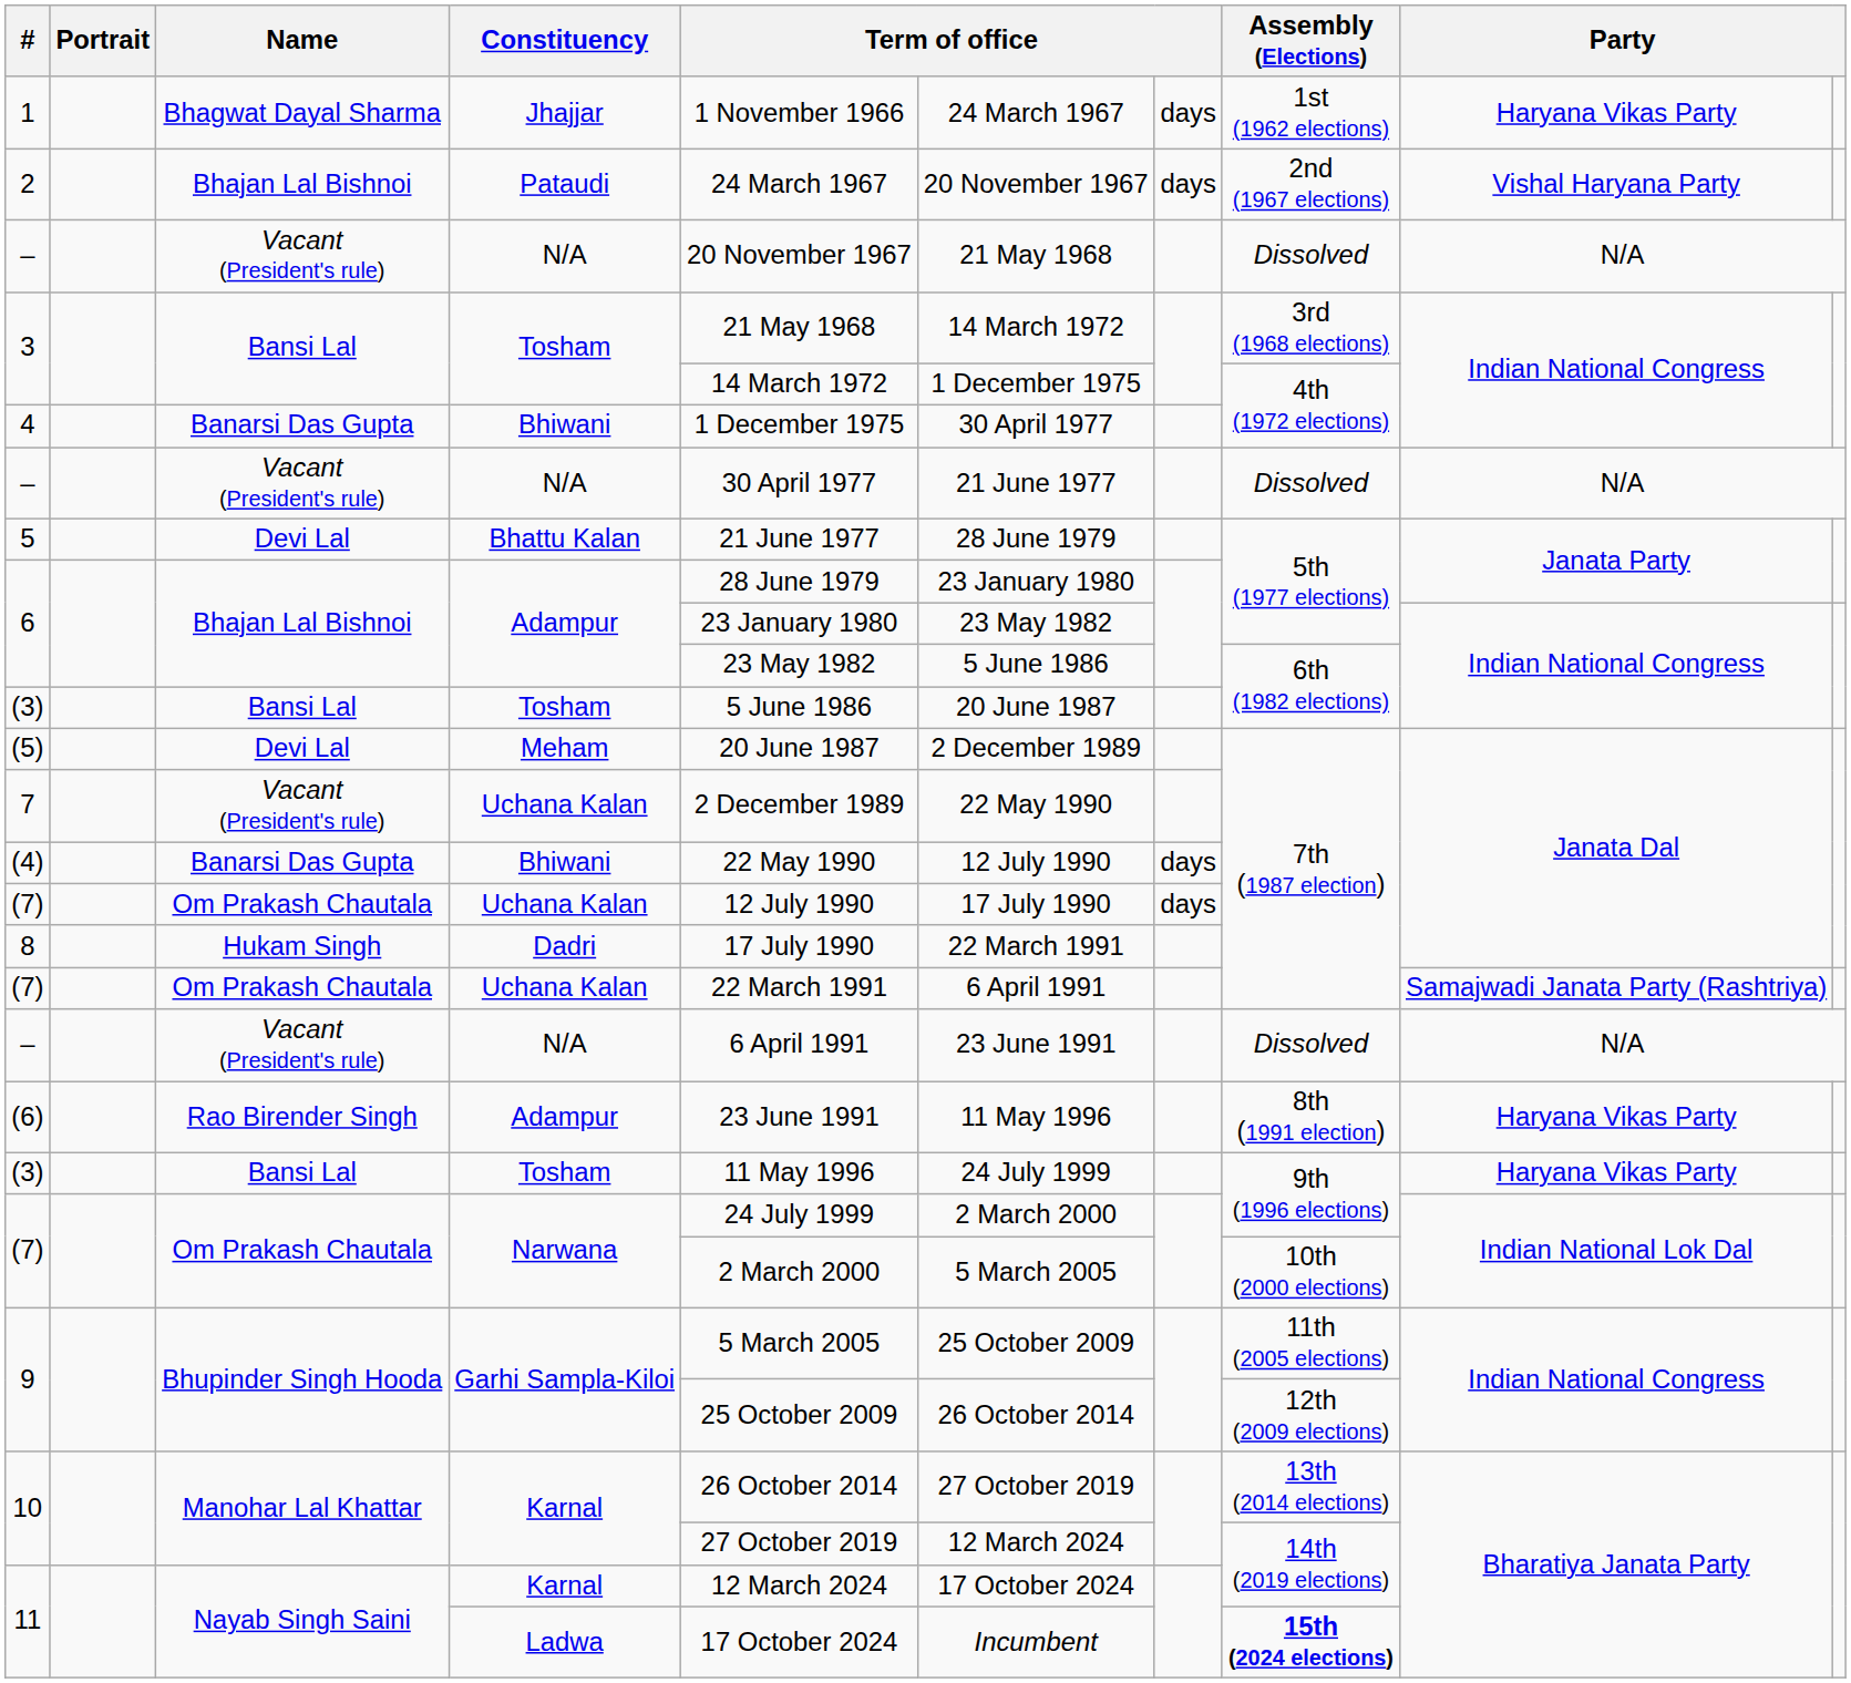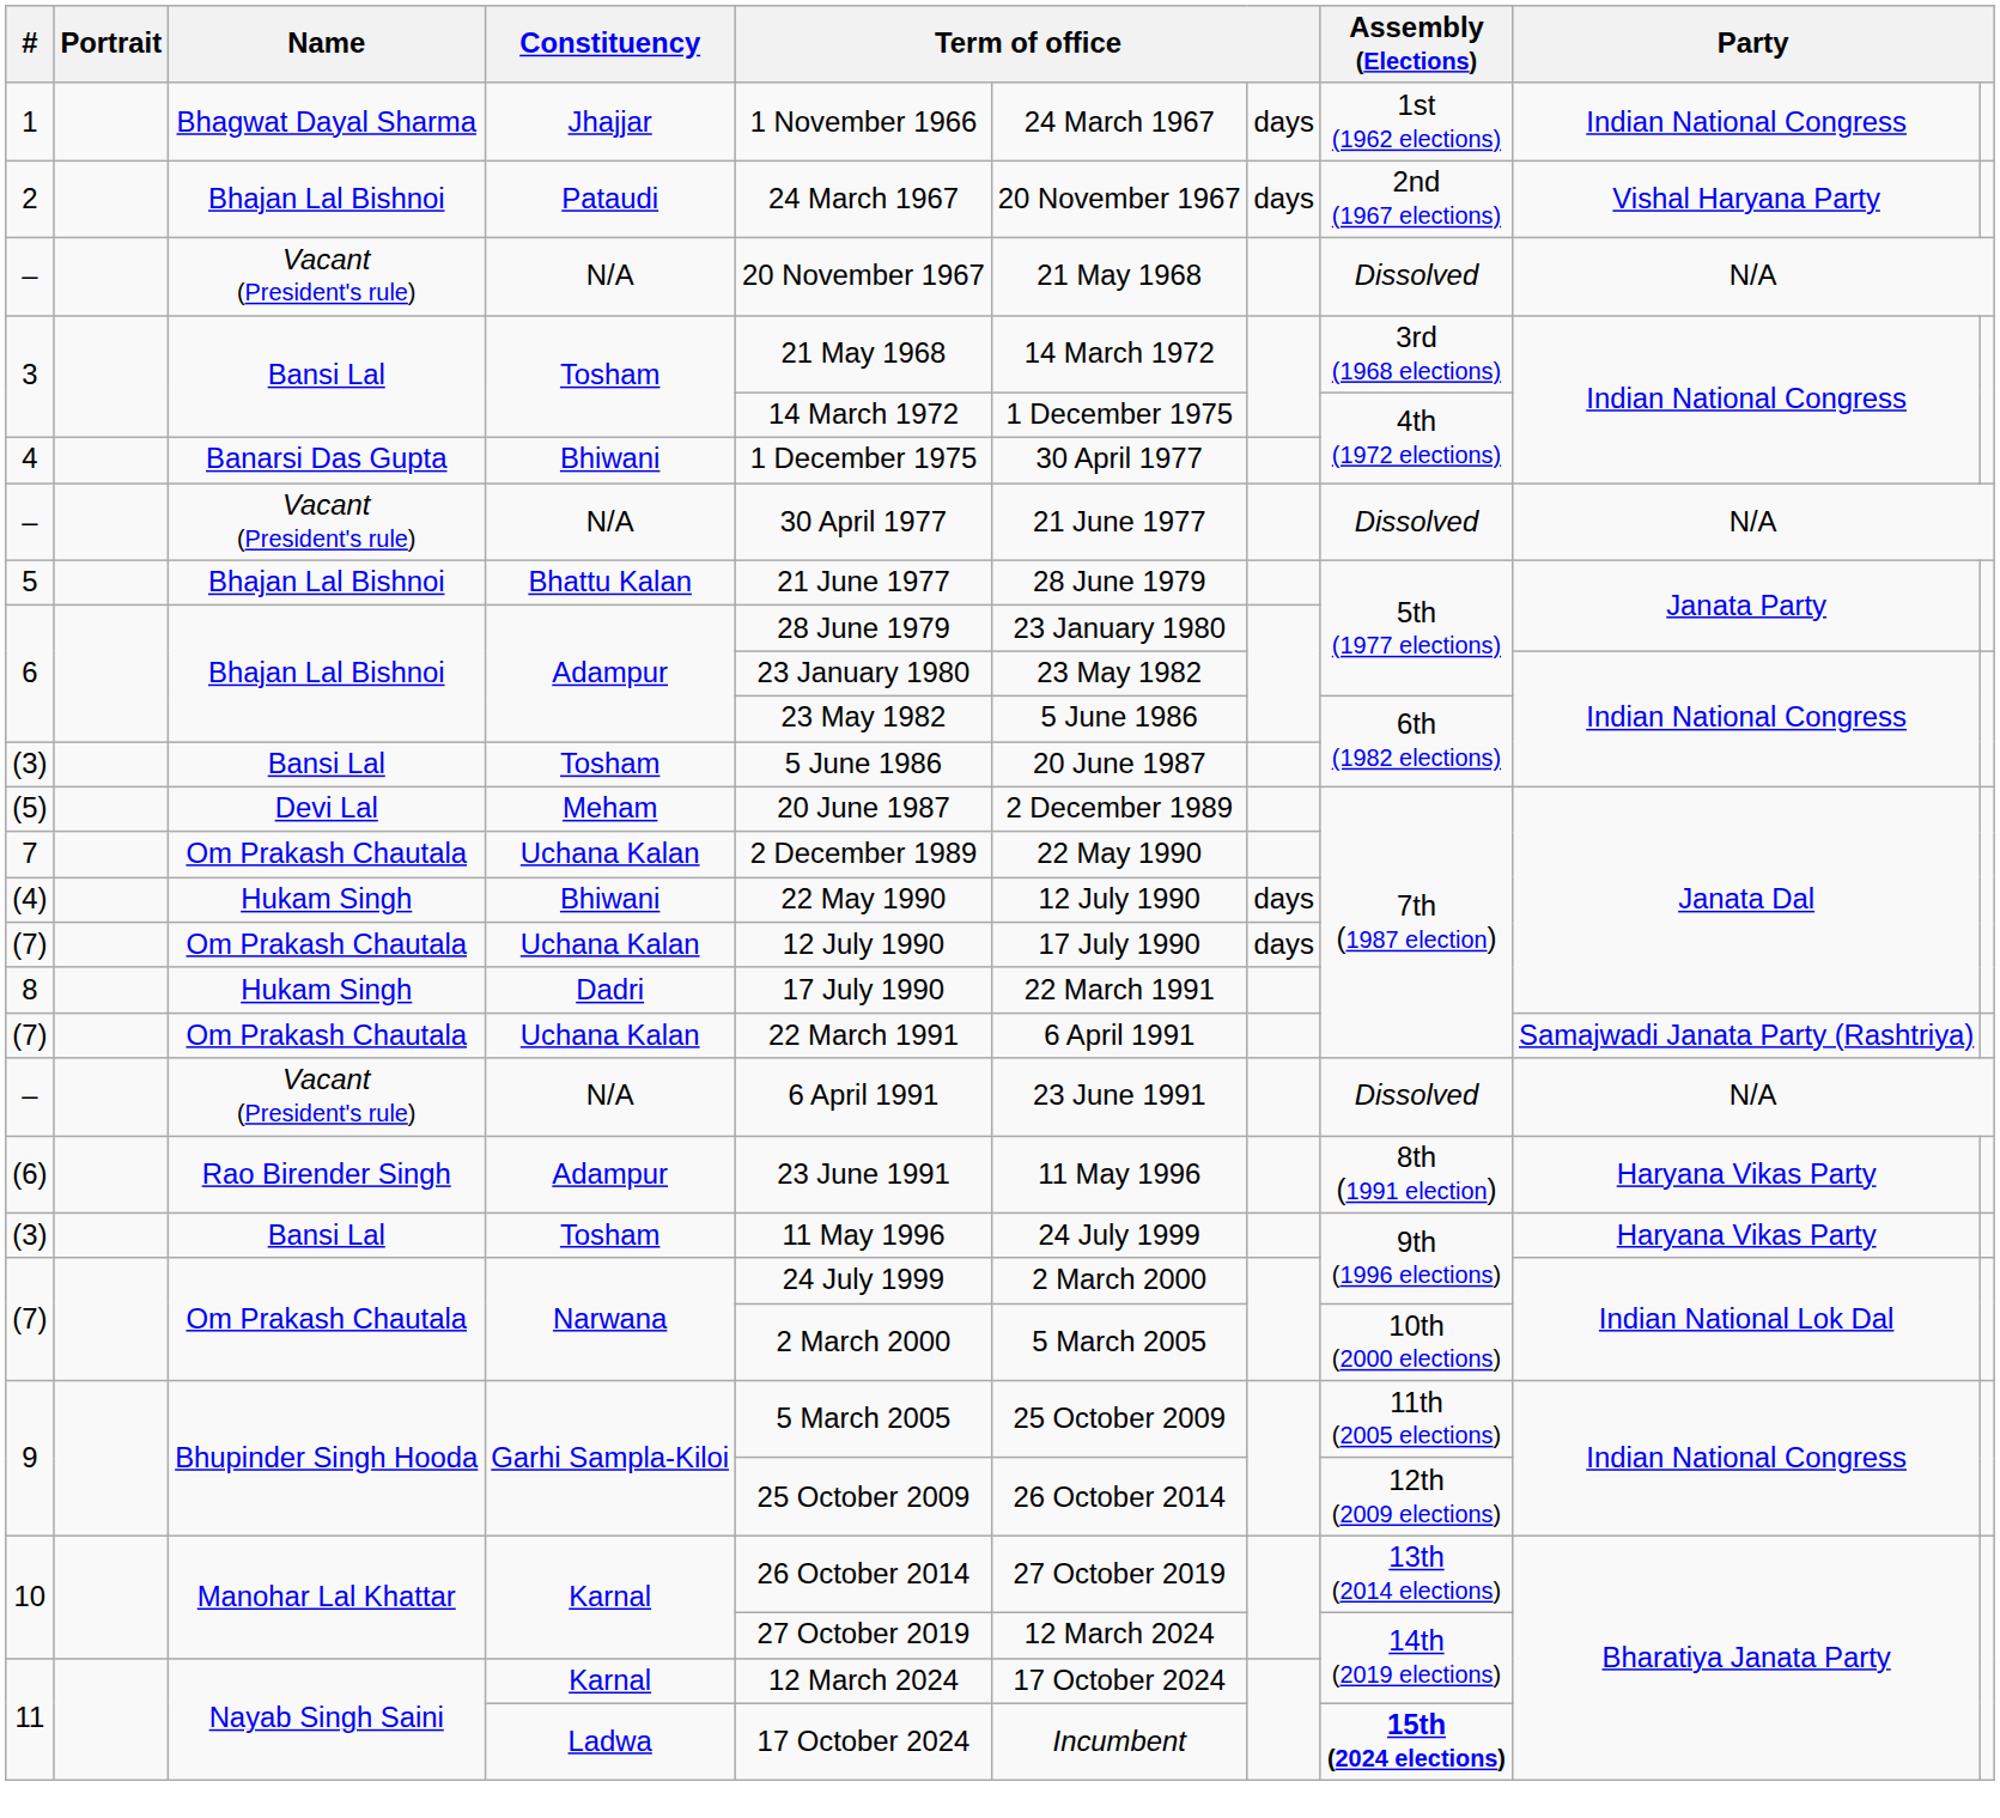 <table class="wikitable" style="text-align:center">
 <tr>
 <th scope=col>#</th>
 <th scope=col class=unsortable>Portrait</th>
 <th scope=col>Name</th>
 <th scope=col><a href='#'>Constituency</a></th>
 <th scope=colgroup colspan=3>Term of office</th>
 <th scope=col>Assembly <br> <small>(<a href='#'>Elections</a>)</small></th>
 <th colspan="2">Party</th>
 </tr>
 <tr>
 <td>1</td>
 <td></td>
 <td scope="row"><a href='#'>Bhagwat Dayal Sharma</a></td>
 <td><a href='#'>Jhajjar</a></td>
 <td>1 November 1966</td>
 <td>24 March 1967</td>
 <td> days</td>
 <td>1st<br><small><a href='#'>(1962 elections)</a></small></td>
-<td><a href='#'>Haryana Vikas Party</a></td>
+<td><a href='#'>Indian National Congress</a></td>
 <td style="background-color: "></td>
 </tr>
 <tr>
 <td>2</td>
 <td></td>
 <td scope="row"><a href='#'>Bhajan Lal Bishnoi</a></td>
 <td><a href='#'>Pataudi</a></td>
 <td>24 March 1967</td>
 <td>20 November 1967</td>
 <td> days</td>
 <td>2nd<br><small><a href='#'>(1967 elections)</a></small></td>
 <td><a href='#'>Vishal Haryana Party</a></td>
 <td style="background-color: "></td>
 </tr>
 <tr>
 <td>–</td>
 <td></td>
 <td scope="row"><em>Vacant</em><br><small>(<a href='#'>President's rule</a>)</small></td>
 <td>N/A</td>
 <td>20 November 1967</td>
 <td>21 May 1968</td>
 <td></td>
 <td><em>Dissolved</em></td>
 <td colspan="2">N/A</td>
 </tr>
 <tr>
 <td rowspan=2>3</td>
 <td rowspan=2></td>
 <td rowspan="2" scope="rowgroup"><a href='#'>Bansi Lal</a></td>
 <td rowspan="2"><a href='#'>Tosham</a></td>
 <td>21 May 1968</td>
 <td>14 March 1972</td>
 <td rowspan=2></td>
 <td>3rd<br><small><a href='#'>(1968 elections)</a></small></td>
 <td rowspan="3"><a href='#'>Indian National Congress</a></td>
 <td rowspan="3" style="background-color: "></td>
 </tr>
 <tr>
 <td>14 March 1972</td>
 <td>1 December 1975</td>
 <td rowspan=2>4th<br><small><a href='#'>(1972 elections)</a></small></td>
 </tr>
 <tr>
 <td>4</td>
 <td></td>
 <td scope="row"><a href='#'>Banarsi Das Gupta</a></td>
 <td><a href='#'>Bhiwani</a></td>
 <td>1 December 1975</td>
 <td>30 April 1977</td>
 <td></td>
 </tr>
 <tr>
 <td>–</td>
 <td></td>
 <td scope="row"><em>Vacant</em><br><small>(<a href='#'>President's rule</a>)</small></td>
 <td>N/A</td>
 <td>30 April 1977</td>
 <td>21 June 1977</td>
 <td></td>
 <td><em>Dissolved</em></td>
 <td colspan="2">N/A</td>
 </tr>
 <tr>
 <td>5</td>
 <td></td>
-<td scope="row"><a href='#'>Devi Lal</a></td>
+<td scope="row"><a href='#'>Bhajan Lal Bishnoi</a></td>
 <td><a href='#'>Bhattu Kalan</a></td>
 <td>21 June 1977</td>
 <td>28 June 1979</td>
 <td></td>
 <td rowspan="3">5th<br><small><a href='#'>(1977 elections)</a></small></td>
 <td rowspan="2"><a href='#'>Janata Party</a></td>
 <td rowspan="2" style="background-color: "></td>
 </tr>
 <tr>
 <td rowspan="3">6</td>
 <td rowspan="3"></td>
 <td rowspan="3" scope="rowgroup"><a href='#'>Bhajan Lal Bishnoi</a></td>
 <td rowspan="3"><a href='#'>Adampur</a></td>
 <td>28 June 1979</td>
 <td>23 January 1980</td>
 <td rowspan="3"></td>
 </tr>
 <tr>
 <td>23 January 1980</td>
 <td>23 May 1982</td>
 <td rowspan="3"><a href='#'>Indian National Congress</a></td>
 <td rowspan="3" style="background-color: "></td>
 </tr>
 <tr>
 <td>23 May 1982</td>
 <td>5 June 1986</td>
 <td rowspan="2">6th<br><a href='#'><small>(1982 elections)</small></a></td>
 </tr>
 <tr>
 <td>(3)</td>
 <td></td>
 <td scope="row"><a href='#'>Bansi Lal</a></td>
 <td><a href='#'>Tosham</a></td>
 <td>5 June 1986</td>
 <td>20 June 1987</td>
 <td></td>
 </tr>
 <tr>
 <td>(5)</td>
 <td></td>
 <td scope="row"><a href='#'>Devi Lal</a></td>
 <td><a href='#'>Meham</a></td>
 <td>20 June 1987</td>
 <td>2 December 1989</td>
 <td></td>
 <td rowspan=6>7th<br>(<a href='#'><small>1987 election</small></a>)</td>
 <td rowspan="5"><a href='#'>Janata Dal</a></td>
 <td rowspan="5" style="background-color: "></td>
 </tr>
 <tr>
 <td>7</td>
 <td></td>
-<td scope="row"><em>Vacant</em><br><small>(<a href='#'>President's rule</a>)</small></td>
+<td scope="row"><a href='#'>Om Prakash Chautala</a></td>
 <td><a href='#'>Uchana Kalan</a></td>
 <td>2 December 1989</td>
 <td>22 May 1990</td>
 <td></td>
 </tr>
 <tr>
 <td>(4)</td>
 <td></td>
-<td scope="row"><a href='#'>Banarsi Das Gupta</a></td>
+<td scope="row"><a href='#'>Hukam Singh</a></td>
 <td><a href='#'>Bhiwani</a></td>
 <td>22 May 1990</td>
 <td>12 July 1990</td>
 <td> days</td>
 </tr>
 <tr>
 <td>(7)</td>
 <td></td>
 <td scope="row"><a href='#'>Om Prakash Chautala</a></td>
 <td><a href='#'>Uchana Kalan</a></td>
 <td>12 July 1990</td>
 <td>17 July 1990</td>
 <td> days</td>
 </tr>
 <tr>
 <td>8</td>
 <td></td>
 <td scope="row"><a href='#'>Hukam Singh</a></td>
 <td><a href='#'>Dadri</a></td>
 <td>17 July 1990</td>
 <td>22 March 1991</td>
 <td></td>
 </tr>
 <tr>
 <td>(7)</td>
 <td></td>
 <td scope="row"><a href='#'>Om Prakash Chautala</a></td>
 <td><a href='#'>Uchana Kalan</a></td>
 <td>22 March 1991</td>
 <td>6 April 1991</td>
 <td></td>
 <td><a href='#'>Samajwadi Janata Party (Rashtriya)</a></td>
 <td style="background-color: "></td>
 </tr>
 <tr>
 <td>–</td>
 <td></td>
 <td scope="row"><em>Vacant</em><br><small>(<a href='#'>President's rule</a>)</small></td>
 <td>N/A</td>
 <td>6 April 1991</td>
 <td>23 June 1991</td>
 <td></td>
 <td><em>Dissolved</em></td>
 <td colspan="2">N/A</td>
 </tr>
 <tr>
 <td>(6)</td>
 <td></td>
 <td scope="row"><a href='#'>Rao Birender Singh</a></td>
 <td><a href='#'>Adampur</a></td>
 <td>23 June 1991</td>
 <td>11 May 1996</td>
 <td></td>
 <td>8th<br>(<a href='#'><small>1991 election</small></a>)</td>
 <td><a href='#'>Haryana Vikas Party</a></td>
 <td style="background-color: "></td>
 </tr>
 <tr>
 <td>(3)</td>
 <td></td>
 <td scope="row"><a href='#'>Bansi Lal</a></td>
 <td><a href='#'>Tosham</a></td>
 <td>11 May 1996</td>
 <td>24 July 1999</td>
 <td></td>
 <td rowspan=2>9th<br><small>(<a href='#'>1996 elections</a>)</small></td>
 <td><a href='#'>Haryana Vikas Party</a></td>
 <td style="background-color: "></td>
 </tr>
 <tr>
 <td rowspan=2>(7)</td>
 <td rowspan=2></td>
 <td rowspan="2" scope="rowgroup"><a href='#'>Om Prakash Chautala</a></td>
 <td rowspan="2"><a href='#'>Narwana</a></td>
 <td>24 July 1999</td>
 <td>2 March 2000</td>
 <td rowspan=2></td>
 <td rowspan="2"><a href='#'>Indian National Lok Dal</a></td>
 <td rowspan="2" style="background-color: "></td>
 </tr>
 <tr>
 <td>2 March 2000</td>
 <td>5 March 2005</td>
 <td>10th<br><small>(<a href='#'>2000 elections</a>)</small></td>
 </tr>
 <tr>
 <td rowspan=2>9</td>
 <td rowspan=2></td>
 <td rowspan="2" scope="rowgroup"><a href='#'>Bhupinder Singh Hooda</a></td>
 <td rowspan="2"><a href='#'>Garhi Sampla-Kiloi</a></td>
 <td>5 March 2005</td>
 <td>25 October 2009</td>
 <td rowspan=2></td>
 <td>11th<br><small>(<a href='#'>2005 elections</a>)</small></td>
 <td rowspan="2"><a href='#'>Indian National Congress</a></td>
 <td rowspan="2" style="background-color: "></td>
 </tr>
 <tr>
 <td>25 October 2009</td>
 <td>26 October 2014</td>
 <td>12th<br><small>(<a href='#'>2009 elections</a>)</small></td>
 </tr>
 <tr>
 <td rowspan=2>10</td>
 <td rowspan=2></td>
 <td rowspan="2" scope="rowgroup"><a href='#'>Manohar Lal Khattar</a></td>
 <td rowspan="2"><a href='#'>Karnal</a></td>
 <td>26 October 2014</td>
 <td>27 October 2019</td>
 <td rowspan=2></td>
 <td><a href='#'>13th</a><br><small>(<a href='#'>2014 elections</a>)</small></td>
 <td rowspan="4"><a href='#'>Bharatiya Janata Party</a></td>
 <td rowspan="4" style="background-color: "></td>
 </tr>
 <tr>
 <td>27 October 2019</td>
 <td>12 March 2024</td>
 <td rowspan=2><a href='#'>14th</a><br><small>(<a href='#'>2019 elections</a>)</small></td>
 </tr>
 <tr>
 <td rowspan="2">11</td>
 <td rowspan="2"></td>
 <td rowspan="2" scope="row"><a href='#'>Nayab Singh Saini</a></td>
 <td><a href='#'>Karnal</a></td>
 <td>12 March 2024</td>
 <td>17 October 2024</td>
 <td rowspan="2"></td>
 </tr>
 <tr>
 <td><a href='#'>Ladwa</a></td>
 <td>17 October 2024</td>
 <td><em>Incumbent</em></td>
 <td><strong><a href='#'>15th</a><br><small>(<a href='#'>2024 elections</a>)</small></strong></td>
 </tr>
 </table>
